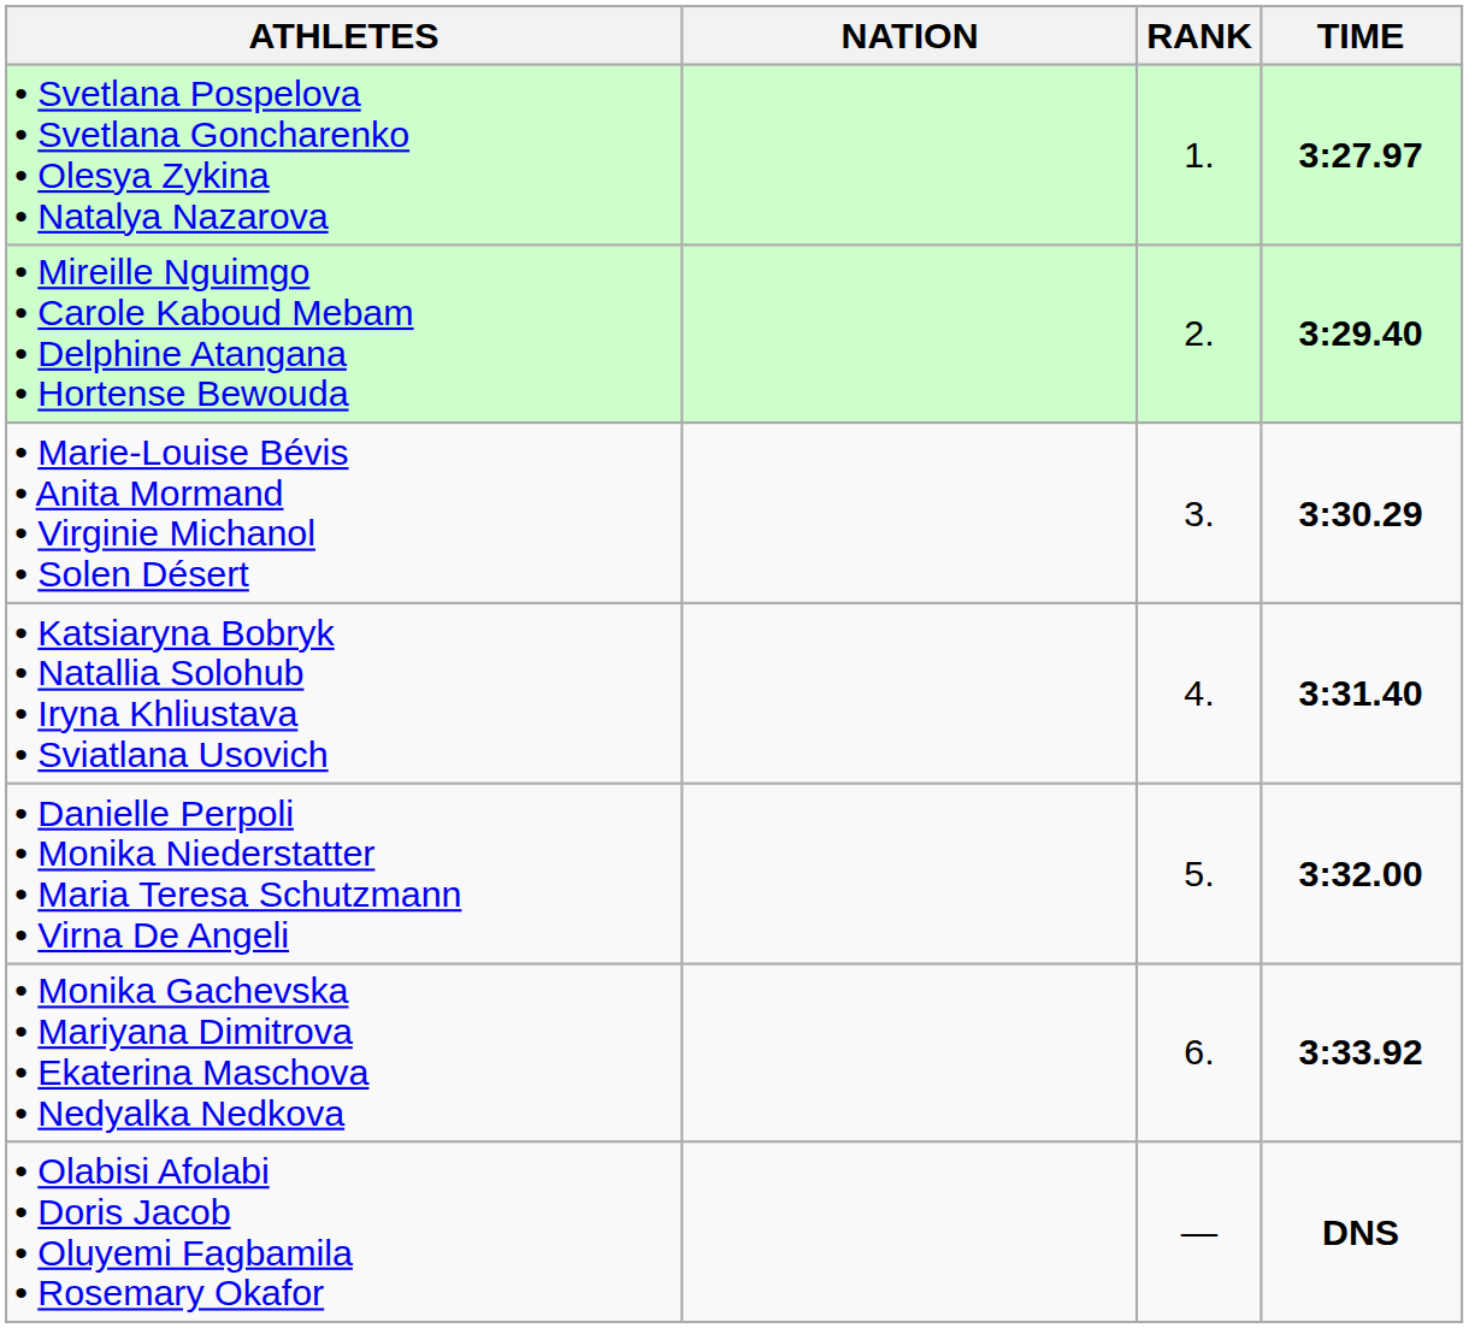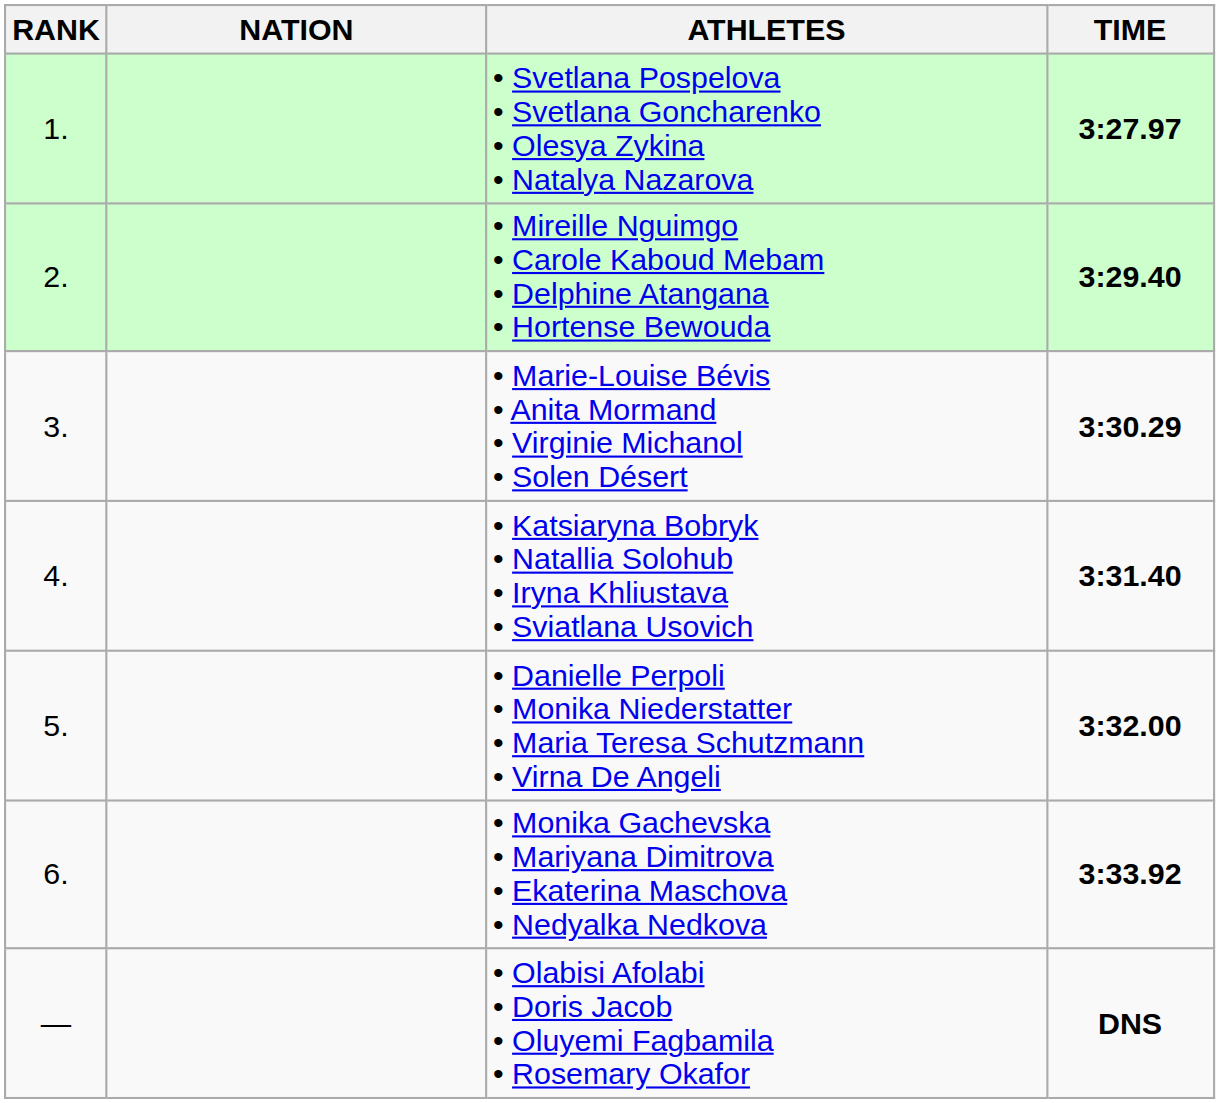 <table class="wikitable" style="border-collapse: collapse; font-size: 90%;">
 <tr>
+<th>RANK</th>
+<th style="width: 12em">NATION</th>
 <th style="width: 18em">ATHLETES</th>
-<th style="width: 12em">NATION</th>
-<th>RANK</th>
 <th style="width: 5em">TIME</th>
 </tr>
 <tr style="background:#ccffcc;">
+<td align="center">1.</td>
+<td align="center"></td>
 <td>• <a href='#'>Svetlana Pospelova</a><br>• <a href='#'>Svetlana Goncharenko</a><br>• <a href='#'>Olesya Zykina</a><br>• <a href='#'>Natalya Nazarova</a></td>
-<td align="center"></td>
-<td align="center">1.</td>
 <td align="center"><strong>3:27.97</strong></td>
 </tr>
 <tr style="background:#ccffcc;">
+<td align="center">2.</td>
+<td align="center"></td>
 <td>• <a href='#'>Mireille Nguimgo</a><br>• <a href='#'>Carole Kaboud Mebam</a><br>• <a href='#'>Delphine Atangana</a><br>• <a href='#'>Hortense Bewouda</a></td>
-<td align="center"></td>
-<td align="center">2.</td>
 <td align="center"><strong>3:29.40</strong></td>
 </tr>
 <tr>
+<td align="center">3.</td>
+<td align="center"></td>
 <td>• <a href='#'>Marie-Louise Bévis</a><br>• <a href='#'>Anita Mormand</a><br>• <a href='#'>Virginie Michanol</a><br>• <a href='#'>Solen Désert</a></td>
-<td align="center"></td>
-<td align="center">3.</td>
 <td align="center"><strong>3:30.29</strong></td>
 </tr>
 <tr>
+<td align="center">4.</td>
+<td align="center"></td>
 <td>• <a href='#'>Katsiaryna Bobryk</a><br>• <a href='#'>Natallia Solohub</a><br>• <a href='#'>Iryna Khliustava</a><br>• <a href='#'>Sviatlana Usovich</a></td>
-<td align="center"></td>
-<td align="center">4.</td>
 <td align="center"><strong>3:31.40</strong></td>
 </tr>
 <tr>
+<td align="center">5.</td>
+<td align="center"></td>
 <td>• <a href='#'>Danielle Perpoli</a><br>• <a href='#'>Monika Niederstatter</a><br>• <a href='#'>Maria Teresa Schutzmann</a><br>• <a href='#'>Virna De Angeli</a></td>
-<td align="center"></td>
-<td align="center">5.</td>
 <td align="center"><strong>3:32.00</strong></td>
 </tr>
 <tr>
+<td align="center">6.</td>
+<td align="center"></td>
 <td>• <a href='#'>Monika Gachevska</a><br>• <a href='#'>Mariyana Dimitrova</a><br>• <a href='#'>Ekaterina Maschova</a><br>• <a href='#'>Nedyalka Nedkova</a></td>
-<td align="center"></td>
-<td align="center">6.</td>
 <td align="center"><strong>3:33.92</strong></td>
 </tr>
 <tr>
+<td align="center">—</td>
+<td align="center"></td>
 <td>• <a href='#'>Olabisi Afolabi</a><br>• <a href='#'>Doris Jacob</a><br>• <a href='#'>Oluyemi Fagbamila</a><br>• <a href='#'>Rosemary Okafor</a></td>
-<td align="center"></td>
-<td align="center">—</td>
 <td align="center"><strong>DNS</strong></td>
 </tr>
 </table>
